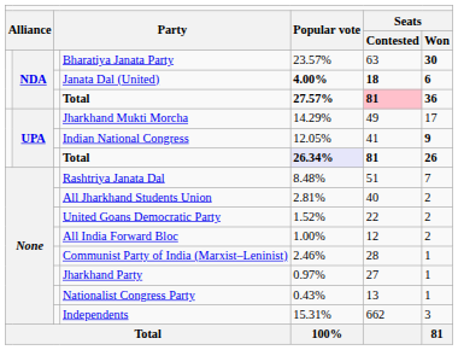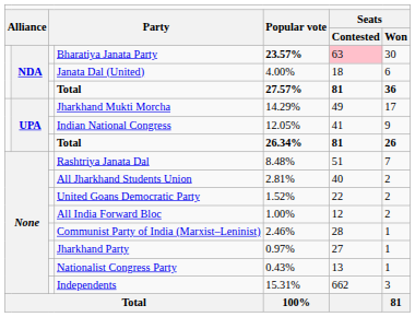 <table class="wikitable">
 <tr>
 <td colspan="7"></td>
 </tr>
 <tr>
 <th colspan="2" rowspan="2">Alliance</th>
 <th colspan="2" rowspan="2">Party</th>
 <th rowspan="2">Popular vote</th>
 <th colspan="2">Seats</th>
 </tr>
 <tr>
 <th>Contested</th>
 <th>Won</th>
 </tr>
 <tr>
 <td rowspan="3"></td>
 <th rowspan="3"><a href='#'>NDA</a></th>
 <td></td>
 <td><a href='#'>Bharatiya Janata Party</a></td>
-<td>23.57%</td>
-<td>63</td>
-<td><strong>30</strong></td>
+<td><strong>23.57%</strong></td>
+<td style="background: pink;">63</td>
+<td>30</td>
 </tr>
 <tr>
 <td></td>
 <td><a href='#'>Janata Dal (United)</a></td>
-<td><strong>4.00%</strong></td>
-<td><strong>18</strong></td>
-<td><strong>6</strong></td>
+<td>4.00%</td>
+<td>18</td>
+<td>6</td>
 </tr>
 <tr>
 <td></td>
 <td><strong>Total</strong></td>
 <td><strong>27.57%</strong></td>
-<td style="background: pink;"><strong>81</strong></td>
+<td><strong>81</strong></td>
 <td><strong>36</strong></td>
 </tr>
 <tr>
 <td rowspan="3"></td>
 <th rowspan="3"><a href='#'>UPA</a></th>
 <td></td>
 <td><a href='#'>Jharkhand Mukti Morcha</a></td>
 <td>14.29%</td>
 <td>49</td>
 <td>17</td>
 </tr>
 <tr>
 <td></td>
 <td><a href='#'>Indian National Congress</a></td>
 <td>12.05%</td>
 <td>41</td>
-<td><strong>9</strong></td>
+<td>9</td>
 </tr>
 <tr>
 <td></td>
 <td><strong>Total</strong></td>
-<td style="background: lavender;"><strong>26.34%</strong></td>
+<td><strong>26.34%</strong></td>
 <td><strong>81</strong></td>
 <td><strong>26</strong></td>
 </tr>
 <tr>
 <th colspan="2" rowspan="8"><em>None</em></th>
 <td></td>
 <td><a href='#'>Rashtriya Janata Dal</a></td>
 <td>8.48%</td>
 <td>51</td>
 <td>7</td>
 </tr>
 <tr>
 <td></td>
 <td><a href='#'>All Jharkhand Students Union</a></td>
 <td>2.81%</td>
 <td>40</td>
 <td>2</td>
 </tr>
 <tr>
 <td></td>
 <td><a href='#'>United Goans Democratic Party</a></td>
 <td>1.52%</td>
 <td>22</td>
 <td>2</td>
 </tr>
 <tr>
 <td></td>
 <td><a href='#'>All India Forward Bloc</a></td>
 <td>1.00%</td>
 <td>12</td>
 <td>2</td>
 </tr>
 <tr>
 <td></td>
 <td><a href='#'>Communist Party of India (Marxist–Leninist)</a></td>
 <td>2.46%</td>
 <td>28</td>
 <td>1</td>
 </tr>
 <tr>
 <td></td>
 <td><a href='#'>Jharkhand Party</a></td>
 <td>0.97%</td>
 <td>27</td>
 <td>1</td>
 </tr>
 <tr>
 <td></td>
 <td><a href='#'>Nationalist Congress Party</a></td>
 <td>0.43%</td>
 <td>13</td>
 <td>1</td>
 </tr>
 <tr>
 <td></td>
 <td><a href='#'>Independents</a></td>
 <td>15.31%</td>
 <td>662</td>
 <td>3</td>
 </tr>
 <tr>
 <th colspan="4">Total</th>
 <th>100%</th>
 <th></th>
 <th>81</th>
 </tr>
 </table>
